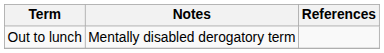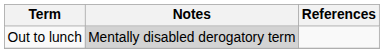 <table class="wikitable">
 <tr>
 <th>Term</th>
 <th>Notes</th>
 <th>References</th>
 </tr>
 <tr>
 <td>Out to lunch</td>
-<td>Mentally disabled derogatory term</td>
+<td style="background: lightgrey;">Mentally disabled derogatory term</td>
 <td></td>
 </tr>
 <tr>
 </tr>
 </table>
